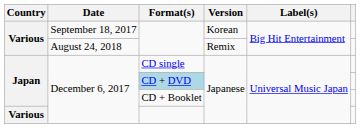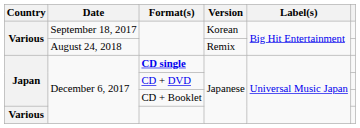 <table class="wikitable plainrowheaders"  border="1">
 <tr>
 <th>Country</th>
 <th>Date</th>
 <th>Format(s)</th>
 <th>Version</th>
 <th>Label(s)</th>
 <th></th>
 </tr>
 <tr>
 <th scope="row" rowspan="2">Various</th>
 <td>September 18, 2017</td>
 <td rowspan="2"></td>
 <td>Korean</td>
 <td rowspan="2"><a href='#'>Big Hit Entertainment</a></td>
 <td></td>
 </tr>
 <tr>
 <td>August 24, 2018</td>
 <td>Remix</td>
 <td></td>
 </tr>
 <tr>
 <th scope="row" rowspan="3">Japan</th>
 <td rowspan="4">December 6, 2017</td>
-<td><a href='#'>CD single</a></td>
+<td><strong><a href='#'>CD single</a></strong></td>
 <td rowspan="4">Japanese</td>
 <td rowspan="4"><a href='#'>Universal Music Japan</a></td>
 <td></td>
 </tr>
 <tr>
-<td style="background: lightblue;"><a href='#'>CD</a> + <a href='#'>DVD</a></td>
+<td><a href='#'>CD</a> + <a href='#'>DVD</a></td>
 <td></td>
 </tr>
 <tr>
 <td>CD + Booklet</td>
 <td></td>
 </tr>
 <tr>
 <th scope="row">Various</th>
 <td></td>
 <td></td>
 </tr>
 </table>
